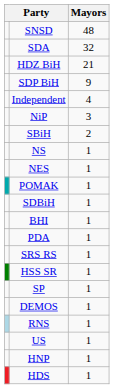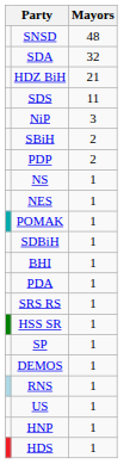 <table class="wikitable">
 <tr>
 <th colspan="2">Party</th>
 <th>Mayors</th>
 </tr>
 <tr>
 <td style="background-color:"></td>
 <td align=center><a href='#'>SNSD</a></td>
 <td align=center>48</td>
 </tr>
 <tr>
 <td style="background-color:"></td>
 <td align=center><a href='#'>SDA</a></td>
 <td align=center>32</td>
 </tr>
 <tr>
 <td style="background-color:"></td>
 <td align=center><a href='#'>HDZ BiH</a></td>
 <td align=center>21</td>
 </tr>
 <tr>
 <td style="background-color:"></td>
-<td align=center><a href='#'>SDP BiH</a></td>
-<td align=center>9</td>
-</tr>
-<tr>
-<td style="background-color:"></td>
-<td align=center><a href='#'>Independent</a></td>
-<td align=center>4</td>
+<td align=center><a href='#'>SDS</a></td>
+<td align=center>11</td>
 </tr>
 <tr>
 <td style="background-color:"></td>
 <td align=center><a href='#'>NiP</a></td>
 <td align=center>3</td>
 </tr>
 <tr>
 <td style="background-color:"></td>
 <td align=center><a href='#'>SBiH</a></td>
+<td align=center>2</td>
+</tr>
+<tr>
+<td style="background-color:"></td>
+<td align=center><a href='#'>PDP</a></td>
 <td align=center>2</td>
 </tr>
 <tr>
 <td style="background-color:"></td>
 <td align=center><a href='#'>NS</a></td>
 <td align=center>1</td>
 </tr>
 <tr>
 <td style="background-color:"></td>
 <td align=center><a href='#'>NES</a></td>
 <td align=center>1</td>
 </tr>
 <tr>
 <td style="background-color:#00AAAD"></td>
 <td align=center><a href='#'>POMAK</a></td>
 <td align=center>1</td>
 </tr>
 <tr>
 <td style="background-color:"></td>
 <td align=center><a href='#'>SDBiH</a></td>
 <td align=center>1</td>
 </tr>
 <tr>
 <td style="background-color:"></td>
 <td align=center><a href='#'>BHI</a></td>
 <td align=center>1</td>
 </tr>
 <tr>
 <td style="background-color:"></td>
 <td align=center><a href='#'>PDA</a></td>
 <td align=center>1</td>
 </tr>
 <tr>
 <td style="background-color:"></td>
 <td align=center><a href='#'>SRS RS</a></td>
 <td align=center>1</td>
 </tr>
 <tr>
 <td style="background-color:green"></td>
 <td align=center><a href='#'>HSS SR</a></td>
 <td align=center>1</td>
 </tr>
 <tr>
 <td style="background-color:"></td>
 <td align=center><a href='#'>SP</a></td>
 <td align=center>1</td>
 </tr>
 <tr>
 <td style="background-color:"></td>
 <td align=center><a href='#'>DEMOS</a></td>
 <td align=center>1</td>
 </tr>
 <tr>
 <td style="background-color:lightblue"></td>
 <td align=center><a href='#'>RNS</a></td>
 <td align=center>1</td>
 </tr>
 <tr>
 <td style="background-color:"></td>
 <td align=center><a href='#'>US</a></td>
 <td align=center>1</td>
 </tr>
 <tr>
 <td style="background-color:"></td>
 <td align=center><a href='#'>HNP</a></td>
 <td align=center>1</td>
 </tr>
 <tr>
 <td style="background-color:#f01c24"></td>
 <td align=center><a href='#'>HDS</a></td>
 <td align=center>1</td>
 </tr>
 </table>
